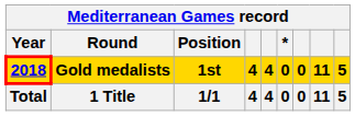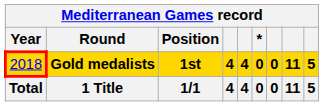 <table class="wikitable" style="text-align: center;">
 <tr>
 <th colspan=9><a href='#'>Mediterranean Games</a> record</th>
 </tr>
 <tr>
 <th>Year</th>
 <th>Round</th>
 <th>Position</th>
 <th></th>
 <th></th>
 <th>*</th>
 <th></th>
 <th></th>
 <th></th>
 </tr>
 <tr style="background:gold;">
-<td style="border: 3px solid red"><strong> <a href='#'>2018</a></strong></td>
+<td style="border: 3px solid red"> <a href='#'>2018</a></td>
 <td><strong>Gold medalists</strong></td>
 <td><strong>1st</strong></td>
 <td><strong>4</strong></td>
 <td><strong>4</strong></td>
 <td><strong>0</strong></td>
 <td><strong>0</strong></td>
 <td><strong>11</strong></td>
 <td><strong>5</strong></td>
 </tr>
 <tr>
 <th>Total</th>
 <th>1 Title</th>
 <th>1/1</th>
 <th>4</th>
 <th>4</th>
 <th>0</th>
 <th>0</th>
 <th>11</th>
 <th>5</th>
 </tr>
 </table>
